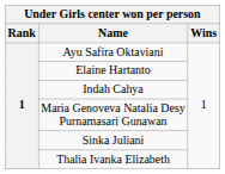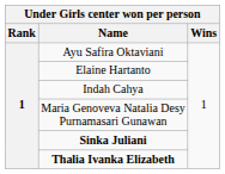 <table class="wikitable sortable plainrowheaders" style=text-align:center>
 <tr>
 <th colspan=3>Under Girls center won per person</th>
 </tr>
 <tr>
 <th scope=col>Rank</th>
 <th scope=col>Name</th>
 <th scope=col>Wins</th>
 </tr>
 <tr>
 <th scope=row rowspan=6 style=text-align:center>1</th>
 <td>Ayu Safira Oktaviani</td>
 <td rowspan=6 align=center>1</td>
 </tr>
 <tr>
 <td>Elaine Hartanto</td>
 </tr>
 <tr>
 <td>Indah Cahya</td>
 </tr>
 <tr>
 <td>Maria Genoveva Natalia Desy<br>Purnamasari Gunawan</td>
 </tr>
 <tr>
-<td>Sinka Juliani</td>
+<td><strong>Sinka Juliani</strong></td>
 </tr>
 <tr>
-<td>Thalia Ivanka Elizabeth</td>
+<td><strong>Thalia Ivanka Elizabeth</strong></td>
 </tr>
 </table>
